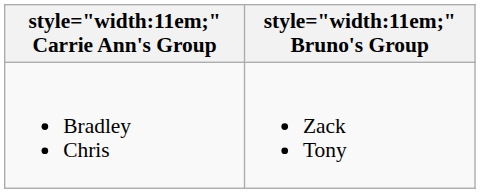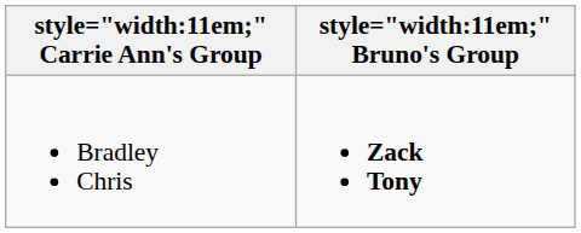 <table class="wikitable" style="width:22em;">
 <tr>
 <th>style="width:11em;" <strong>Carrie Ann's Group</strong></th>
 <th>style="width:11em;" <strong>Bruno's Group</strong></th>
 </tr>
 <tr>
 <td><br><ul><li>Bradley</li><li>Chris</li></ul></td>
-<td><br><ul><li>Zack</li><li>Tony</li></ul></td>
+<td><strong><br><ul><li>Zack</li><li>Tony</li></ul></strong></td>
 </tr>
 </table>
